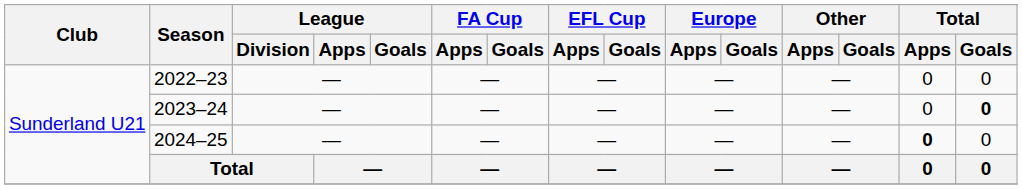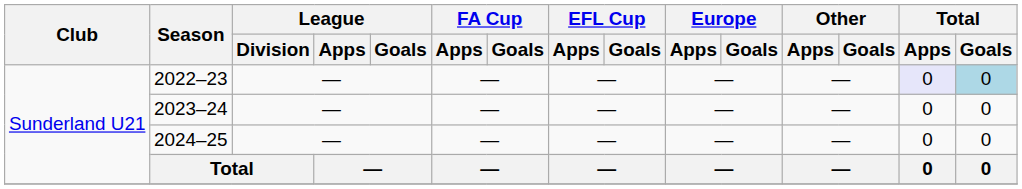 <table class="wikitable" style="text-align: center;">
 <tr>
 <th rowspan="2">Club</th>
 <th rowspan="2">Season</th>
 <th colspan="3">League</th>
 <th colspan="2"><a href='#'>FA Cup</a></th>
 <th colspan="2"><a href='#'>EFL Cup</a></th>
 <th colspan="2"><a href='#'>Europe</a></th>
 <th colspan="2">Other</th>
 <th colspan="2">Total</th>
 </tr>
 <tr>
 <th>Division</th>
 <th>Apps</th>
 <th>Goals</th>
 <th>Apps</th>
 <th>Goals</th>
 <th>Apps</th>
 <th>Goals</th>
 <th>Apps</th>
 <th>Goals</th>
 <th>Apps</th>
 <th>Goals</th>
 <th>Apps</th>
 <th>Goals</th>
 </tr>
 <tr>
 <td rowspan="4"><a href='#'>Sunderland U21</a></td>
 <td>2022–23</td>
 <td colspan="3">—</td>
 <td colspan="2">—</td>
 <td colspan="2">—</td>
 <td colspan="2">—</td>
 <td colspan="2">—</td>
-<td>0</td>
-<td>0</td>
+<td style="background: lavender;">0</td>
+<td style="background: lightblue;">0</td>
 </tr>
 <tr>
 <td>2023–24</td>
 <td colspan="3">—</td>
 <td colspan="2">—</td>
 <td colspan="2">—</td>
 <td colspan="2">—</td>
 <td colspan="2">—</td>
 <td>0</td>
-<td><strong>0</strong></td>
+<td>0</td>
 </tr>
 <tr>
 <td>2024–25</td>
 <td colspan="3">—</td>
 <td colspan="2">—</td>
 <td colspan="2">—</td>
 <td colspan="2">—</td>
 <td colspan="2">—</td>
-<td><strong>0</strong></td>
+<td>0</td>
 <td>0</td>
 </tr>
 <tr>
 <th colspan="2">Total</th>
 <th colspan="2">—</th>
 <th colspan="2">—</th>
 <th colspan="2">—</th>
 <th colspan="2">—</th>
 <th colspan="2">—</th>
 <th>0</th>
 <th>0</th>
 </tr>
 <tr>
 </tr>
 </table>
